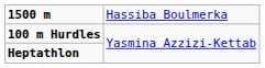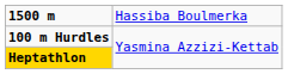 <table class="wikitable">
 <tr>
 <td><strong>1500 m</strong></td>
 <td><a href='#'>Hassiba Boulmerka</a></td>
 </tr>
 <tr>
 <td><strong>100 m Hurdles</strong></td>
 <td rowspan=2><a href='#'>Yasmina Azzizi-Kettab</a></td>
 </tr>
 <tr>
-<td><strong>Heptathlon</strong></td>
+<td style="background: gold;"><strong>Heptathlon</strong></td>
 </tr>
 </table>
